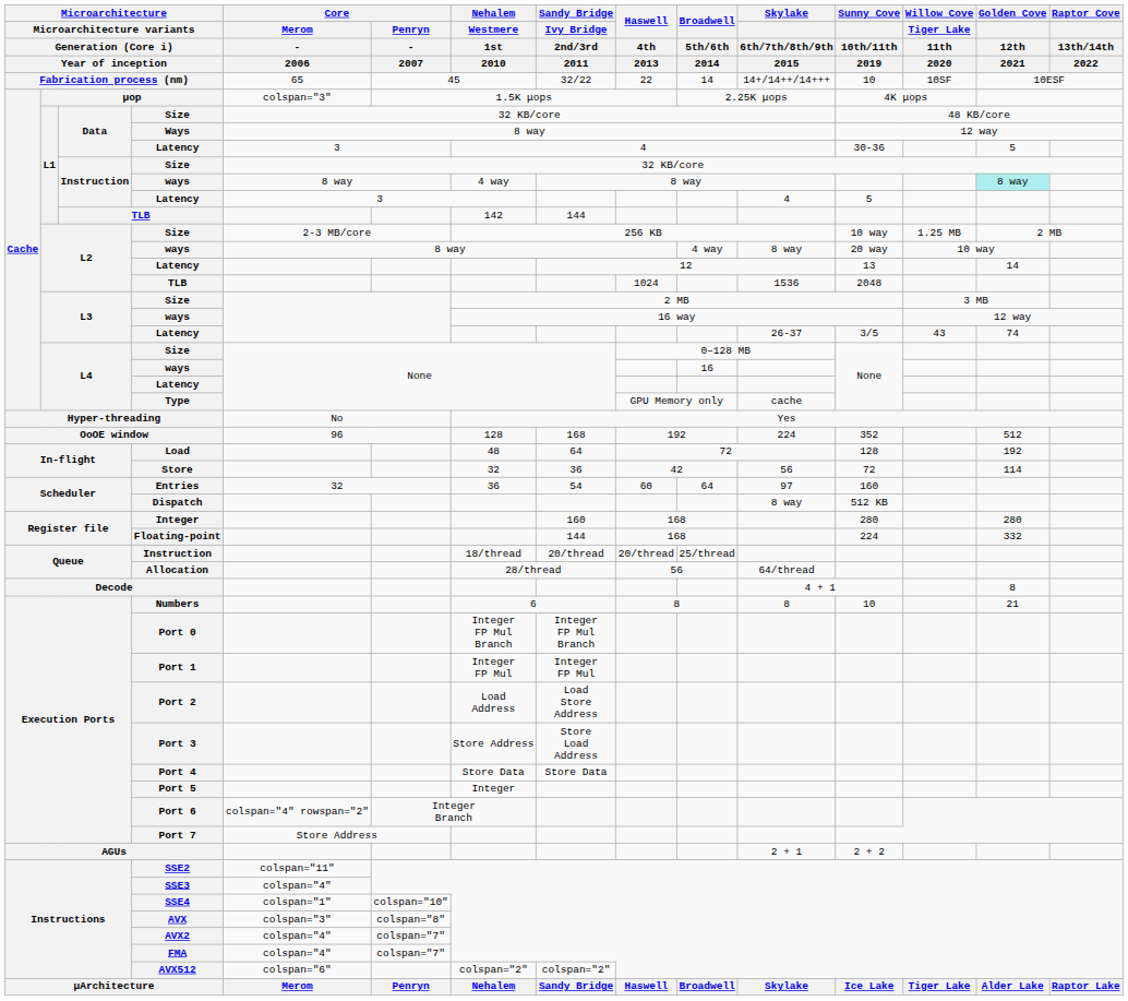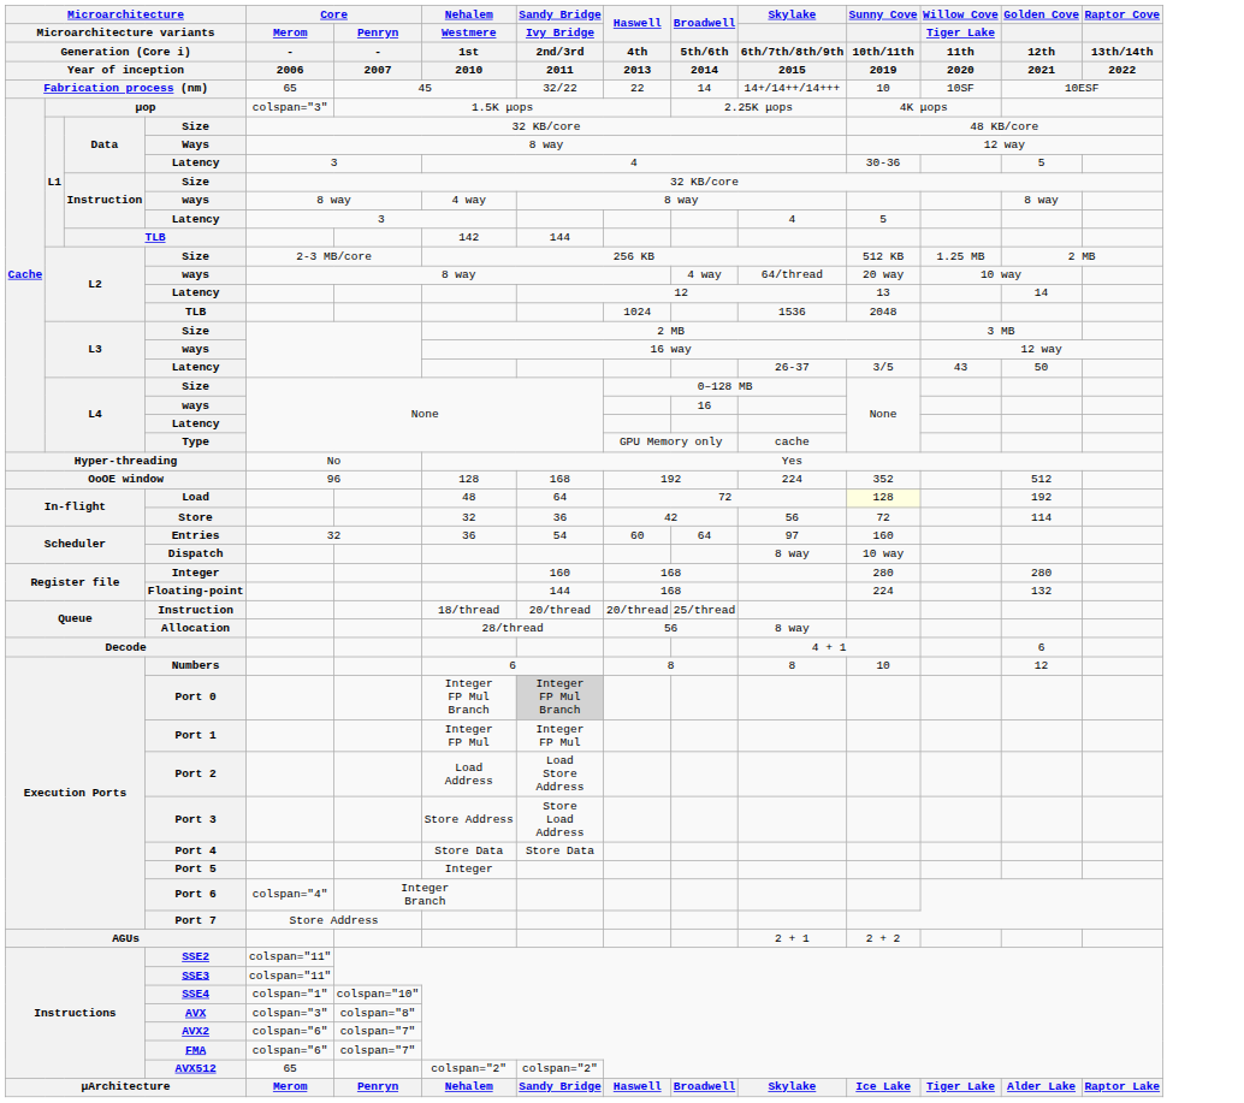 <table class="wikitable mw-collapsible mw-collapsed" style="text-align: center;">
 <tr>
 <th scope="colgroup" colspan="4"><a href='#'>Microarchitecture</a></th>
 <th scope="col" colspan="2"><a href='#'>Core</a></th>
 <th scope="col"><a href='#'>Nehalem</a></th>
 <th scope="col"><a href='#'>Sandy Bridge</a></th>
 <th scope="col" rowspan="2"><a href='#'>Haswell</a></th>
 <th scope="col" rowspan="2"><a href='#'>Broadwell</a></th>
 <th scope="col"><a href='#'>Skylake</a></th>
 <th scope="col"><a href='#'>Sunny Cove</a></th>
 <th scope="col"><a href='#'>Willow Cove</a></th>
 <th scope="col"><a href='#'>Golden Cove</a></th>
 <th scope="col"><strong><a href='#'>Raptor Cove</a></strong></th>
 </tr>
 <tr>
 <th scope="colgroup" colspan="4">Microarchitecture variants</th>
 <th scope="col"><a href='#'>Merom</a></th>
 <th scope="col"><a href='#'>Penryn</a></th>
 <th scope="col"><a href='#'>Westmere</a></th>
 <th scope="col"><a href='#'>Ivy Bridge</a></th>
 <th scope="col"></th>
 <th scope="col"></th>
 <th scope="col"><a href='#'>Tiger Lake</a></th>
 <th scope="col"></th>
 <th scope="col"></th>
 </tr>
 <tr>
 <th colspan="4">Generation (Core i)</th>
 <th>-</th>
 <th>-</th>
 <th>1st</th>
 <th>2nd/3rd</th>
 <th>4th</th>
 <th>5th/6th</th>
 <th>6th/7th/8th/9th</th>
 <th>10th/11th</th>
 <th>11th</th>
 <th>12th</th>
 <th>13th/14th</th>
 </tr>
 <tr>
 <th colspan="4">Year of inception</th>
 <th>2006</th>
 <th>2007</th>
 <th>2010</th>
 <th>2011</th>
 <th>2013</th>
 <th>2014</th>
 <th>2015</th>
 <th>2019</th>
 <th>2020</th>
 <th>2021</th>
 <th>2022</th>
 </tr>
 <tr>
 <th scope="row" colspan="4"><a href='#'>Fabrication process</a> (nm)</th>
 <td>65</td>
 <td colspan="2">45</td>
 <td>32/22</td>
 <td>22</td>
 <td>14</td>
 <td>14+/14++/14+++</td>
 <td>10</td>
 <td>10SF</td>
 <td colspan="2">10ESF</td>
 </tr>
 <tr>
 <th rowspan="19" scope="rowgroup"><a href='#'>Cache</a></th>
 <th scope="row" colspan="3">μop</th>
 <td>colspan="3" </td>
 <td colspan="4">1.5K μops</td>
 <td colspan="2">2.25K μops</td>
 <td colspan="2">4K μops</td>
 </tr>
 <tr>
 <th rowspan="7">L1</th>
 <th rowspan="3">Data</th>
 <th>Size</th>
 <td colspan="7">32 KB/core</td>
 <td colspan="4">48 KB/core</td>
 </tr>
 <tr>
 <th scope="row">Ways</th>
 <td colspan="7">8 way</td>
 <td colspan="4">12 way</td>
 </tr>
 <tr>
 <th>Latency</th>
 <td colspan="2">3</td>
 <td colspan="5">4</td>
 <td>30-36</td>
 <td></td>
 <td>5</td>
 <td></td>
 </tr>
 <tr>
 <th rowspan="3">Instruction</th>
 <th>Size</th>
 <td colspan="11">32 KB/core</td>
 </tr>
 <tr>
 <th>ways</th>
 <td colspan="2">8 way</td>
 <td>4 way</td>
 <td colspan="4">8 way</td>
 <td></td>
 <td></td>
-<td style="background: paleturquoise;">8 way</td>
+<td>8 way</td>
 <td></td>
 </tr>
 <tr>
 <th>Latency</th>
 <td colspan="3">3</td>
 <td></td>
 <td></td>
 <td></td>
 <td>4</td>
 <td>5</td>
 <td></td>
 <td></td>
 <td></td>
 </tr>
 <tr>
 <th colspan="2"><a href='#'>TLB</a></th>
 <td></td>
 <td></td>
 <td>142</td>
 <td>144</td>
 <td></td>
 <td></td>
 <td></td>
 <td></td>
 <td></td>
 <td></td>
 <td></td>
 </tr>
 <tr>
 <th colspan="2" rowspan="4">L2</th>
 <th>Size</th>
 <td colspan="2">2-3 MB/core</td>
 <td colspan="5">256 KB</td>
-<td>10 way</td>
+<td>512 KB</td>
 <td>1.25 MB</td>
 <td colspan="2">2 MB</td>
 </tr>
 <tr>
 <th>ways</th>
 <td colspan="5">8 way</td>
 <td>4 way</td>
-<td>8 way</td>
+<td>64/thread</td>
 <td>20 way</td>
 <td colspan="2">10 way</td>
 <td></td>
 </tr>
 <tr>
 <th>Latency</th>
 <td></td>
 <td></td>
 <td></td>
 <td colspan="4">12</td>
 <td>13</td>
 <td></td>
 <td>14</td>
 <td></td>
 </tr>
 <tr>
 <th>TLB</th>
 <td></td>
 <td></td>
 <td></td>
 <td></td>
 <td>1024</td>
 <td></td>
 <td>1536</td>
 <td>2048</td>
 <td></td>
 <td></td>
 <td></td>
 </tr>
 <tr>
 <th colspan="2" rowspan="3">L3</th>
 <th>Size</th>
 <td colspan="2" rowspan="3"></td>
 <td colspan="6">2 MB</td>
 <td colspan="2">3 MB</td>
 <td></td>
 </tr>
 <tr>
 <th>ways</th>
 <td colspan="6">16 way</td>
 <td colspan="5">12 way</td>
 </tr>
 <tr>
 <th>Latency</th>
 <td></td>
 <td></td>
 <td></td>
 <td></td>
 <td>26-37</td>
 <td>3/5</td>
 <td>43</td>
-<td>74</td>
+<td>50</td>
 <td></td>
 </tr>
 <tr>
 <th colspan="2" rowspan="4">L4</th>
 <th>Size</th>
 <td colspan="4" rowspan="4">None</td>
 <td colspan="3">0–128 MB</td>
 <td rowspan="4">None</td>
 <td></td>
 <td></td>
 <td></td>
 </tr>
 <tr>
 <th>ways</th>
 <td></td>
 <td>16</td>
 <td></td>
 <td></td>
 <td></td>
 <td></td>
 </tr>
 <tr>
 <th>Latency</th>
 <td></td>
 <td></td>
 <td></td>
 <td></td>
 <td></td>
 <td></td>
 </tr>
 <tr>
 <th>Type</th>
 <td colspan="2">GPU Memory only</td>
 <td>cache</td>
 <td></td>
 <td></td>
 <td></td>
 </tr>
 <tr>
 <th colspan="4">Hyper-threading</th>
 <td colspan="2">No</td>
 <td colspan="9">Yes</td>
 </tr>
 <tr>
 <th colspan="4">OoOE window</th>
 <td colspan="2">96</td>
 <td>128</td>
 <td>168</td>
 <td colspan="2">192</td>
 <td>224</td>
 <td>352</td>
 <td></td>
 <td>512</td>
 <td></td>
 </tr>
 <tr>
 <th colspan="3" rowspan="2">In-flight</th>
 <th>Load</th>
 <td></td>
 <td></td>
 <td>48</td>
 <td>64</td>
 <td colspan="3">72</td>
-<td>128</td>
+<td style="background: lightyellow;">128</td>
 <td></td>
 <td>192</td>
 <td></td>
 </tr>
 <tr>
 <th>Store</th>
 <td></td>
 <td></td>
 <td>32</td>
 <td>36</td>
 <td colspan="2">42</td>
 <td>56</td>
 <td>72</td>
 <td></td>
 <td>114</td>
 <td></td>
 </tr>
 <tr>
 <th colspan="3" rowspan="2">Scheduler</th>
 <th>Entries</th>
 <td colspan="2">32</td>
 <td>36</td>
 <td>54</td>
 <td>60</td>
 <td>64</td>
 <td>97</td>
 <td>160</td>
 <td></td>
 <td></td>
 <td></td>
 </tr>
 <tr>
 <th>Dispatch</th>
 <td></td>
 <td></td>
 <td></td>
 <td></td>
 <td></td>
 <td></td>
 <td>8 way</td>
-<td>512 KB</td>
+<td>10 way</td>
 <td></td>
 <td></td>
 <td></td>
 </tr>
 <tr>
 <th colspan="3" rowspan="2">Register file</th>
 <th>Integer</th>
 <td></td>
 <td></td>
 <td></td>
 <td>160</td>
 <td colspan="2">168</td>
 <td></td>
 <td>280</td>
 <td></td>
 <td>280</td>
 <td></td>
 </tr>
 <tr>
 <th>Floating-point</th>
 <td></td>
 <td></td>
 <td></td>
 <td>144</td>
 <td colspan="2">168</td>
 <td></td>
 <td>224</td>
 <td></td>
-<td>332</td>
+<td>132</td>
 <td></td>
 </tr>
 <tr>
 <th colspan="3" rowspan="2">Queue</th>
 <th>Instruction</th>
 <td></td>
 <td></td>
 <td>18/thread</td>
 <td>20/thread</td>
 <td>20/thread</td>
 <td>25/thread</td>
 <td></td>
 <td></td>
 <td></td>
 <td></td>
 <td></td>
 </tr>
 <tr>
 <th>Allocation</th>
 <td></td>
 <td></td>
 <td colspan="2">28/thread</td>
 <td colspan="2">56</td>
-<td>64/thread</td>
+<td>8 way</td>
 <td></td>
 <td></td>
 <td></td>
 <td></td>
 </tr>
 <tr>
 <th colspan="4">Decode</th>
 <td></td>
 <td></td>
 <td></td>
 <td></td>
 <td></td>
 <td></td>
 <td colspan="2">4 + 1</td>
 <td></td>
-<td>8</td>
+<td>6</td>
 <td></td>
 </tr>
 <tr>
 <th colspan="3" rowspan="9">Execution Ports</th>
 <th>Numbers</th>
 <td></td>
 <td></td>
 <td colspan="2">6</td>
 <td colspan="2">8</td>
 <td>8</td>
 <td>10</td>
 <td></td>
-<td>21</td>
+<td>12</td>
 <td></td>
 </tr>
 <tr>
 <th scope="row">Port 0</th>
 <td></td>
 <td></td>
 <td>Integer<br>FP Mul<br>Branch</td>
-<td>Integer<br>FP Mul<br>Branch</td>
+<td style="background: lightgrey;">Integer<br>FP Mul<br>Branch</td>
 <td></td>
 <td></td>
 <td></td>
 <td></td>
 <td></td>
 <td></td>
 <td></td>
 </tr>
 <tr>
 <th scope="row">Port 1</th>
 <td></td>
 <td></td>
 <td>Integer<br>FP Mul</td>
 <td>Integer<br>FP Mul</td>
 <td></td>
 <td></td>
 <td></td>
 <td></td>
 <td></td>
 <td></td>
 <td></td>
 </tr>
 <tr>
 <th scope="row">Port 2</th>
 <td></td>
 <td></td>
 <td>Load<br>Address</td>
 <td>Load<br>Store<br>Address</td>
 <td></td>
 <td></td>
 <td></td>
 <td></td>
 <td></td>
 <td></td>
 <td></td>
 </tr>
 <tr>
 <th scope="row">Port 3</th>
 <td></td>
 <td></td>
 <td>Store Address</td>
 <td>Store<br>Load<br>Address</td>
 <td></td>
 <td></td>
 <td></td>
 <td></td>
 <td></td>
 <td></td>
 <td></td>
 </tr>
 <tr>
 <th scope="row">Port 4</th>
 <td></td>
 <td></td>
 <td>Store Data</td>
 <td>Store Data</td>
 <td></td>
 <td></td>
 <td></td>
 <td></td>
 <td></td>
 <td></td>
 <td></td>
 </tr>
 <tr>
 <th scope="row">Port 5</th>
 <td></td>
 <td></td>
 <td>Integer</td>
 <td></td>
 <td></td>
 <td></td>
 <td></td>
 <td></td>
 <td></td>
 <td></td>
 <td></td>
 </tr>
 <tr>
 <th scope="row">Port 6</th>
-<td>colspan="4" rowspan="2" </td>
+<td>colspan="4" </td>
 <td colspan="2">Integer<br>Branch</td>
 <td></td>
 <td></td>
 <td></td>
 <td></td>
 <td></td>
 </tr>
 <tr>
 <th scope="row">Port 7</th>
 <td colspan="2">Store Address</td>
 <td></td>
 <td></td>
 <td></td>
 <td></td>
 <td></td>
 </tr>
 <tr>
 <th colspan="4">AGUs</th>
 <td></td>
 <td></td>
 <td></td>
 <td></td>
 <td></td>
 <td></td>
 <td>2 + 1</td>
 <td>2 + 2</td>
 <td></td>
 <td></td>
 <td></td>
 </tr>
 <tr>
 <th colspan="3" rowspan="7">Instructions</th>
 <th scope="row"><a href='#'>SSE2</a></th>
 <td>colspan="11" </td>
 </tr>
 <tr>
 <th scope="row"><a href='#'>SSE3</a></th>
-<td>colspan="4" </td>
+<td>colspan="11" </td>
 </tr>
 <tr>
 <th scope="row"><a href='#'>SSE4</a></th>
 <td>colspan="1" </td>
 <td>colspan="10" </td>
 </tr>
 <tr>
 <th scope="row"><a href='#'>AVX</a></th>
 <td>colspan="3" </td>
 <td>colspan="8" </td>
 </tr>
 <tr>
 <th scope="row"><a href='#'>AVX2</a></th>
-<td>colspan="4" </td>
+<td>colspan="6" </td>
 <td>colspan="7" </td>
 </tr>
 <tr>
 <th scope="row"><a href='#'>FMA</a></th>
-<td>colspan="4" </td>
+<td>colspan="6" </td>
 <td>colspan="7" </td>
 </tr>
 <tr>
 <th scope="row"><a href='#'>AVX512</a></th>
-<td>colspan="6" </td>
+<td>65</td>
 <td></td>
 <td>colspan="2" </td>
 <td>colspan="2" </td>
 </tr>
 <tr>
 <th colspan="4">μArchitecture</th>
 <th><a href='#'>Merom</a></th>
 <th><a href='#'>Penryn</a></th>
 <th><a href='#'>Nehalem</a></th>
 <th><a href='#'>Sandy Bridge</a></th>
 <th><a href='#'>Haswell</a></th>
 <th><a href='#'>Broadwell</a></th>
 <th><a href='#'>Skylake</a></th>
 <th><a href='#'>Ice Lake</a></th>
 <th><a href='#'>Tiger Lake</a></th>
 <th><a href='#'>Alder Lake</a></th>
 <th><a href='#'>Raptor Lake</a></th>
 </tr>
 </table>
